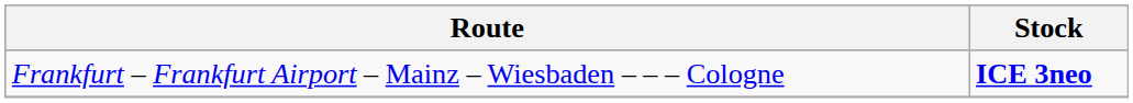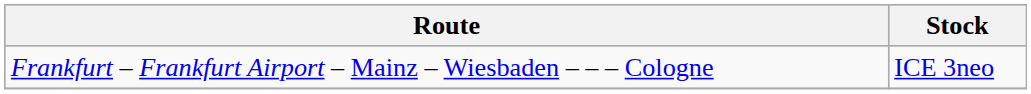 <table class="wikitable" width="100%">
 <tr class="hintergrundfarbe5">
 <th>Route</th>
 <th>Stock</th>
 </tr>
 <tr>
 <td><em><a href='#'>Frankfurt</a> – <a href='#'>Frankfurt Airport</a> –</em> <a href='#'>Mainz</a> – <a href='#'>Wiesbaden</a> –  –  – <a href='#'>Cologne</a></td>
-<td><strong><a href='#'>ICE 3neo</a></strong></td>
+<td><a href='#'>ICE 3neo</a></td>
 </tr>
 <tr>
 </tr>
 </table>
